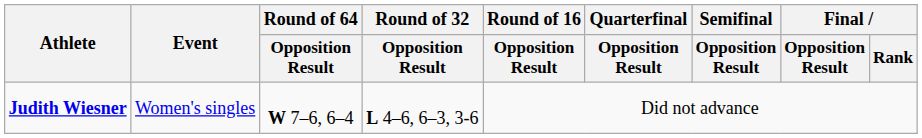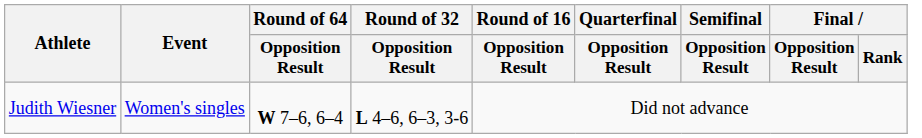 <table class=wikitable style=font-size:90%;text-align:center>
 <tr>
 <th rowspan=2>Athlete</th>
 <th rowspan=2>Event</th>
 <th>Round of 64</th>
 <th>Round of 32</th>
 <th>Round of 16</th>
 <th>Quarterfinal</th>
 <th>Semifinal</th>
 <th colspan=2>Final / </th>
 </tr>
 <tr style=font-size:95%>
 <th>Opposition<br>Result</th>
 <th>Opposition<br>Result</th>
 <th>Opposition<br>Result</th>
 <th>Opposition<br>Result</th>
 <th>Opposition<br>Result</th>
 <th>Opposition<br>Result</th>
 <th>Rank</th>
 </tr>
 <tr>
-<td align=left><strong><a href='#'>Judith Wiesner</a></strong></td>
+<td align=left><a href='#'>Judith Wiesner</a></td>
 <td align=left rowspan=3><a href='#'>Women's singles</a></td>
 <td><br><strong>W</strong> 7–6, 6–4</td>
 <td><br><strong>L</strong> 4–6, 6–3, 3-6</td>
 <td colspan=5>Did not advance</td>
 </tr>
 </table>
